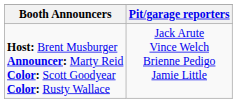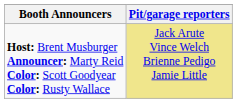 <table class="wikitable" style="font-size: 95%;">
 <tr>
 </tr>
 <tr>
 <th>Booth Announcers</th>
 <th><a href='#'>Pit/garage reporters</a></th>
 </tr>
 <tr>
 <td valign="top"><br><strong>Host:</strong> <a href='#'>Brent Musburger</a><br> <strong><a href='#'>Announcer</a>:</strong> <a href='#'>Marty Reid</a><br> <strong><a href='#'>Color</a>:</strong> <a href='#'>Scott Goodyear</a><br> <strong><a href='#'>Color</a>:</strong> <a href='#'>Rusty Wallace</a><br></td>
-<td align="center" valign="top"><a href='#'>Jack Arute</a><br><a href='#'>Vince Welch</a><br><a href='#'>Brienne Pedigo</a><br><a href='#'>Jamie Little</a></td>
+<td align="center" valign="top" style="background: khaki;"><a href='#'>Jack Arute</a><br><a href='#'>Vince Welch</a><br><a href='#'>Brienne Pedigo</a><br><a href='#'>Jamie Little</a></td>
 </tr>
 </table>
